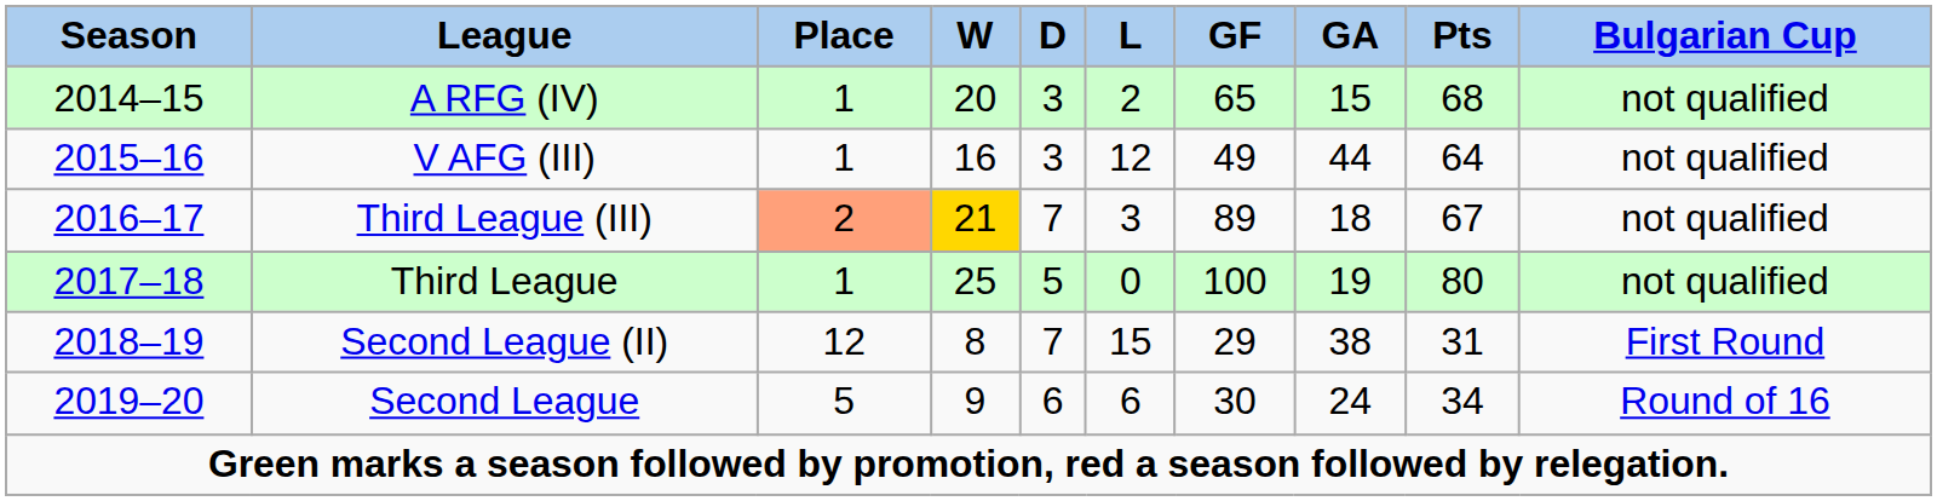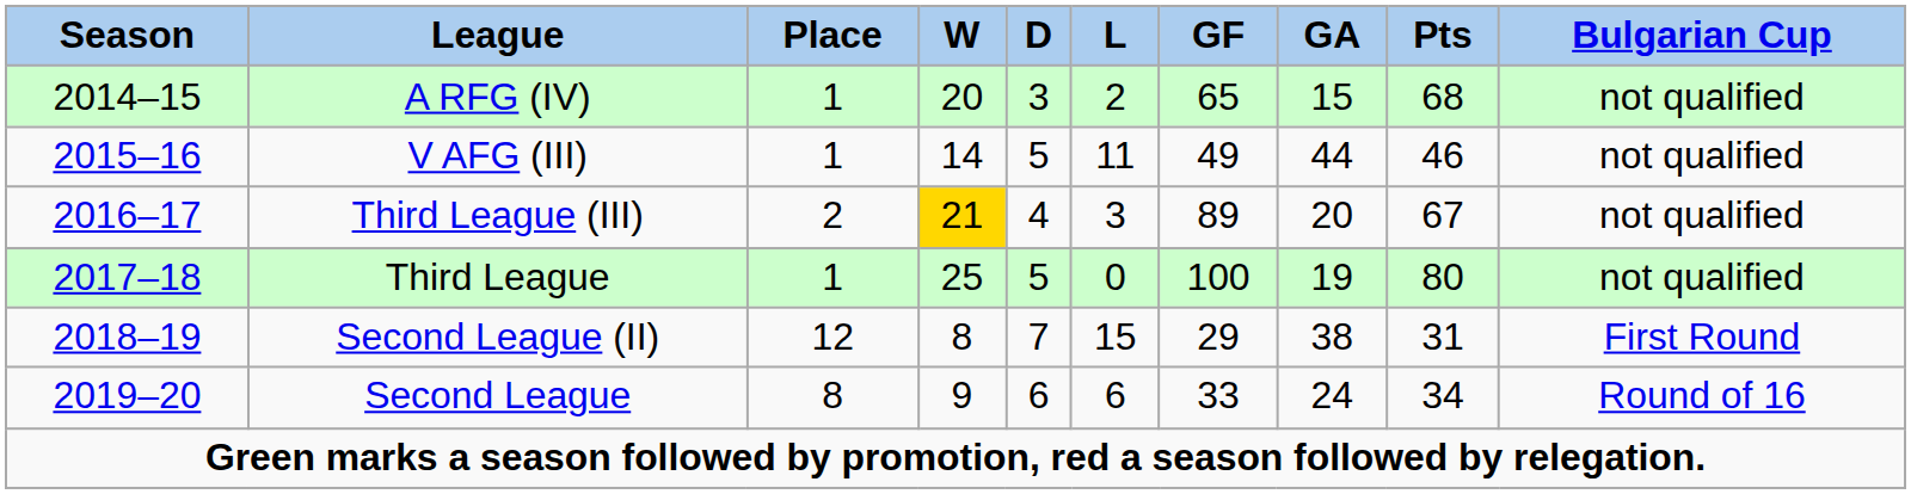 <table class="wikitable" style="width:800px;">
 <tr>
 <th style="background:#ABCDEF;">Season</th>
 <th style="background:#ABCDEF;">League</th>
 <th style="background:#ABCDEF;">Place</th>
 <th style="background:#ABCDEF;">W</th>
 <th style="background:#ABCDEF;">D</th>
 <th style="background:#ABCDEF;">L</th>
 <th style="background:#ABCDEF;">GF</th>
 <th style="background:#ABCDEF;">GA</th>
 <th style="background:#ABCDEF;">Pts</th>
 <th style="background:#ABCDEF;"><a href='#'>Bulgarian Cup</a></th>
 </tr>
 <tr style="text-align:center; background:#cfc;">
 <td>2014–15</td>
 <td><a href='#'>A RFG</a> (IV)</td>
 <td>1</td>
 <td>20</td>
 <td>3</td>
 <td>2</td>
 <td>65</td>
 <td>15</td>
 <td>68</td>
 <td>not qualified</td>
 </tr>
 <tr style="text-align:center;">
 <td><a href='#'>2015–16</a></td>
 <td><a href='#'>V AFG</a> (III)</td>
 <td>1</td>
-<td>16</td>
-<td>3</td>
-<td>12</td>
+<td>14</td>
+<td>5</td>
+<td>11</td>
 <td>49</td>
 <td>44</td>
-<td>64</td>
+<td>46</td>
 <td>not qualified</td>
 </tr>
 <tr align="center">
 <td><a href='#'>2016–17</a></td>
 <td><a href='#'>Third League</a> (III)</td>
-<td style="background: lightsalmon;">2</td>
+<td>2</td>
 <td style="background: gold;">21</td>
-<td>7</td>
+<td>4</td>
 <td>3</td>
 <td>89</td>
-<td>18</td>
+<td>20</td>
 <td>67</td>
 <td>not qualified</td>
 </tr>
 <tr style="text-align:center; background:#cfc;">
 <td><a href='#'>2017–18</a></td>
 <td>Third League</td>
 <td>1</td>
 <td>25</td>
 <td>5</td>
 <td>0</td>
 <td>100</td>
 <td>19</td>
 <td>80</td>
 <td>not qualified</td>
 </tr>
 <tr style="text-align:center;">
 <td><a href='#'>2018–19</a></td>
 <td><a href='#'>Second League</a> (II)</td>
 <td>12</td>
 <td>8</td>
 <td>7</td>
 <td>15</td>
 <td>29</td>
 <td>38</td>
 <td>31</td>
 <td><a href='#'>First Round</a></td>
 </tr>
 <tr style="text-align:center;">
 <td><a href='#'>2019–20</a></td>
 <td><a href='#'>Second League</a></td>
-<td>5</td>
+<td>8</td>
 <td>9</td>
 <td>6</td>
 <td>6</td>
-<td>30</td>
+<td>33</td>
 <td>24</td>
 <td>34</td>
 <td><a href='#'>Round of 16</a></td>
 </tr>
 <tr>
 <td colspan="12" style="text-align:center;"><strong>Green marks a season followed by promotion, red a season followed by relegation.</strong></td>
 </tr>
 </table>
